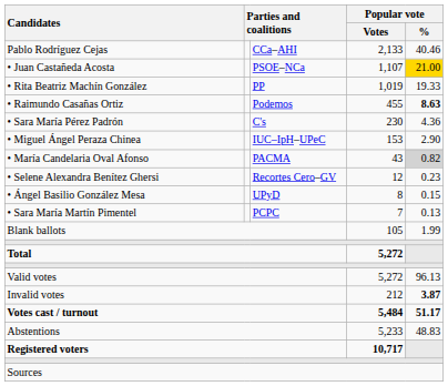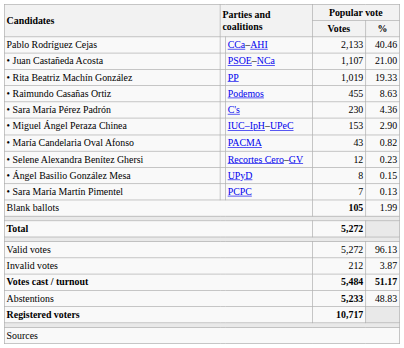 <table class="wikitable" style="text-align:right; font-size:95%;">
 <tr>
 <th style="text-align:left;" rowspan="2" width="325">Candidates</th>
 <th style="text-align:left;" rowspan="2" colspan="2" width="175">Parties and coalitions</th>
 <th colspan="2">Popular vote</th>
 </tr>
 <tr>
 <th width="75">Votes</th>
 <th width="45">%</th>
 </tr>
 <tr>
 <td align="left"> Pablo Rodríguez Cejas</td>
 <td width="1" style="color:inherit;background:"></td>
 <td align="left"><a href='#'>CCa</a>–<a href='#'>AHI</a></td>
 <td>2,133</td>
 <td>40.46</td>
 </tr>
 <tr>
 <td align="left">• Juan Castañeda Acosta</td>
 <td style="color:inherit;background:"></td>
 <td align="left"><a href='#'>PSOE</a>–<a href='#'>NCa</a></td>
 <td>1,107</td>
-<td style="background: gold;">21.00</td>
+<td>21.00</td>
 </tr>
 <tr>
 <td align="left">• Rita Beatriz Machín González</td>
 <td style="color:inherit;background:"></td>
 <td align="left"><a href='#'>PP</a></td>
 <td>1,019</td>
 <td>19.33</td>
 </tr>
 <tr>
 <td align="left">• Raimundo Casañas Ortiz</td>
 <td style="color:inherit;background:"></td>
 <td align="left"><a href='#'>Podemos</a></td>
 <td>455</td>
-<td><strong>8.63</strong></td>
+<td>8.63</td>
 </tr>
 <tr>
 <td align="left">• Sara María Pérez Padrón</td>
 <td style="color:inherit;background:"></td>
 <td align="left"><a href='#'>C's</a></td>
 <td>230</td>
 <td>4.36</td>
 </tr>
 <tr>
 <td align="left">• Miguel Ángel Peraza Chinea</td>
 <td style="color:inherit;background:"></td>
 <td align="left"><a href='#'>IUC–IpH</a>–<a href='#'>UPeC</a></td>
 <td>153</td>
 <td>2.90</td>
 </tr>
 <tr>
 <td align="left">• María Candelaria Oval Afonso</td>
 <td style="color:inherit;background:"></td>
 <td align="left"><a href='#'>PACMA</a></td>
 <td>43</td>
-<td style="background: lightgrey;">0.82</td>
+<td>0.82</td>
 </tr>
 <tr>
 <td align="left">• Selene Alexandra Benítez Ghersi</td>
 <td style="color:inherit;background:"></td>
 <td align="left"><a href='#'>Recortes Cero</a>–<a href='#'>GV</a></td>
 <td>12</td>
 <td>0.23</td>
 </tr>
 <tr>
 <td align="left">• Ángel Basilio González Mesa</td>
 <td style="color:inherit;background:"></td>
 <td align="left"><a href='#'>UPyD</a></td>
 <td>8</td>
 <td>0.15</td>
 </tr>
 <tr>
 <td align="left">• Sara María Martín Pimentel</td>
 <td style="color:inherit;background:"></td>
 <td align="left"><a href='#'>PCPC</a></td>
 <td>7</td>
 <td>0.13</td>
 </tr>
 <tr>
 <td align="left" colspan="3">Blank ballots</td>
-<td>105</td>
+<td><strong>105</strong></td>
 <td>1.99</td>
 </tr>
 <tr>
 <td colspan="5" bgcolor="#E9E9E9"></td>
 </tr>
 <tr style="font-weight:bold;">
 <td align="left" colspan="3">Total</td>
 <td>5,272</td>
 <td bgcolor="#E9E9E9"></td>
 </tr>
 <tr>
 <td colspan="5" bgcolor="#E9E9E9"></td>
 </tr>
 <tr>
 <td align="left" colspan="3">Valid votes</td>
 <td>5,272</td>
 <td>96.13</td>
 </tr>
 <tr>
 <td align="left" colspan="3">Invalid votes</td>
 <td>212</td>
-<td><strong>3.87</strong></td>
+<td>3.87</td>
 </tr>
 <tr style="font-weight:bold;">
 <td align="left" colspan="3">Votes cast / turnout</td>
 <td>5,484</td>
 <td>51.17</td>
 </tr>
 <tr>
 <td align="left" colspan="3">Abstentions</td>
-<td>5,233</td>
+<td><strong>5,233</strong></td>
 <td>48.83</td>
 </tr>
 <tr style="font-weight:bold;">
 <td align="left" colspan="3">Registered voters</td>
 <td>10,717</td>
 <td bgcolor="#E9E9E9"></td>
 </tr>
 <tr>
 <td colspan="5" bgcolor="#E9E9E9"></td>
 </tr>
 <tr>
 <td align="left" colspan="5">Sources</td>
 </tr>
 </table>
